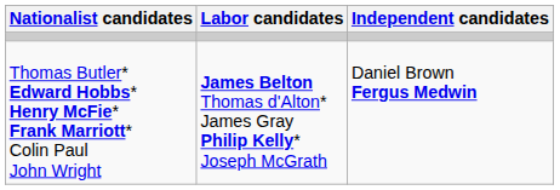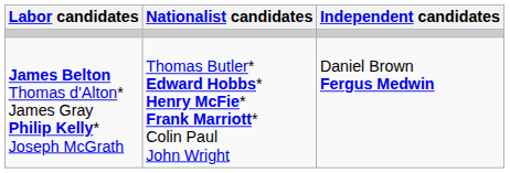 <table class="wikitable">
 <tr>
+<th><a href='#'>Labor</a> candidates</th>
 <th><a href='#'>Nationalist</a> candidates</th>
-<th><a href='#'>Labor</a> candidates</th>
 <th><a href='#'>Independent</a> candidates</th>
 </tr>
 <tr bgcolor="#cccccc">
 <td></td>
 <td></td>
 <td></td>
 </tr>
 <tr>
+<td><br><strong><a href='#'>James Belton</a></strong><br> <a href='#'>Thomas d'Alton</a>*<br> James Gray<br> <strong><a href='#'>Philip Kelly</a></strong>*<br> <a href='#'>Joseph McGrath</a></td>
 <td><br><a href='#'>Thomas Butler</a>*<br> <strong><a href='#'>Edward Hobbs</a></strong>*<br> <strong><a href='#'>Henry McFie</a></strong>*<br> <strong><a href='#'>Frank Marriott</a></strong>*<br> Colin Paul<br> <a href='#'>John Wright</a></td>
-<td><br><strong><a href='#'>James Belton</a></strong><br> <a href='#'>Thomas d'Alton</a>*<br> James Gray<br> <strong><a href='#'>Philip Kelly</a></strong>*<br> <a href='#'>Joseph McGrath</a></td>
 <td valign=top><br>Daniel Brown<br> <strong><a href='#'>Fergus Medwin</a></strong></td>
 </tr>
 </table>
